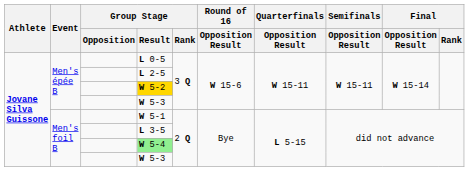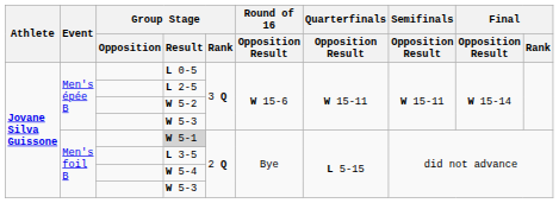 <table class=wikitable>
 <tr>
 <th rowspan="2">Athlete</th>
 <th rowspan="2">Event</th>
 <th colspan="3">Group Stage</th>
 <th>Round of 16</th>
 <th>Quarterfinals</th>
 <th>Semifinals</th>
 <th colspan="2">Final</th>
 </tr>
 <tr>
 <th>Opposition</th>
 <th>Result</th>
 <th>Rank</th>
 <th>Opposition<br>Result</th>
 <th>Opposition<br>Result</th>
 <th>Opposition<br>Result</th>
 <th>Opposition<br>Result</th>
 <th>Rank</th>
 </tr>
 <tr>
 <td align=left rowspan=8><strong><a href='#'>Jovane Silva Guissone</a></strong></td>
 <td align=left rowspan=4><a href='#'>Men's épée B</a></td>
 <td></td>
 <td><strong>L</strong> 0-5</td>
 <td rowspan=4>3 <strong>Q</strong></td>
 <td align=center rowspan=4><br> <strong>W</strong> 15-6</td>
 <td align=center rowspan=4><br> <strong>W</strong> 15-11</td>
 <td align=center rowspan=4><br> <strong>W</strong> 15-11</td>
 <td align=center rowspan=4><br> <strong>W</strong> 15-14</td>
 <td align=center rowspan=4></td>
 </tr>
 <tr>
 <td></td>
 <td><strong>L</strong> 2-5</td>
 </tr>
 <tr>
 <td></td>
-<td style="background: gold;"><strong>W</strong> 5-2</td>
+<td><strong>W</strong> 5-2</td>
 </tr>
 <tr>
 <td></td>
 <td><strong>W</strong> 5-3</td>
 </tr>
 <tr>
 <td align=left rowspan=4><a href='#'>Men's foil B</a></td>
 <td></td>
-<td><strong>W</strong> 5-1</td>
+<td style="background: lightgrey;"><strong>W</strong> 5-1</td>
 <td rowspan=4>2 <strong>Q</strong></td>
 <td align=center rowspan=4>Bye</td>
 <td align=center rowspan=4><br> <strong>L</strong> 5-15</td>
 <td align=center rowspan=4 colspan=3>did not advance</td>
 </tr>
 <tr>
 <td></td>
 <td><strong>L</strong> 3-5</td>
 </tr>
 <tr>
 <td></td>
-<td style="background: lightgreen;"><strong>W</strong> 5-4</td>
+<td><strong>W</strong> 5-4</td>
 </tr>
 <tr>
 <td></td>
 <td><strong>W</strong> 5-3</td>
 </tr>
 </table>
